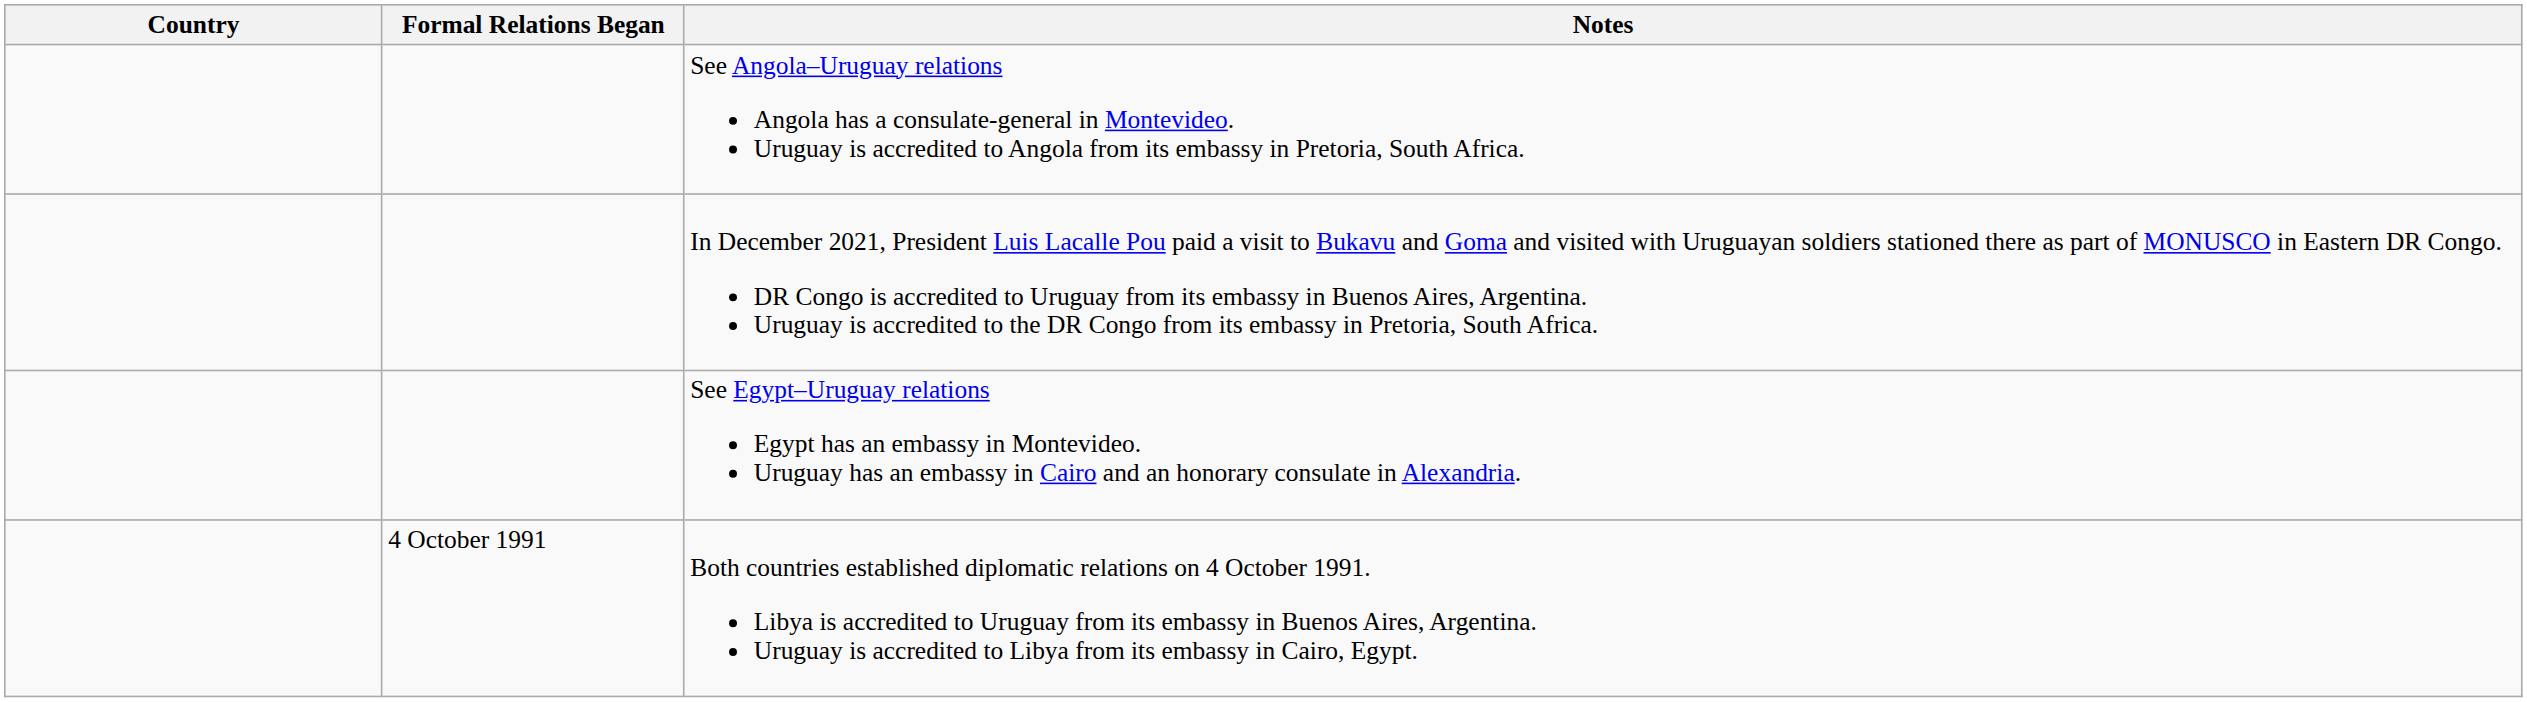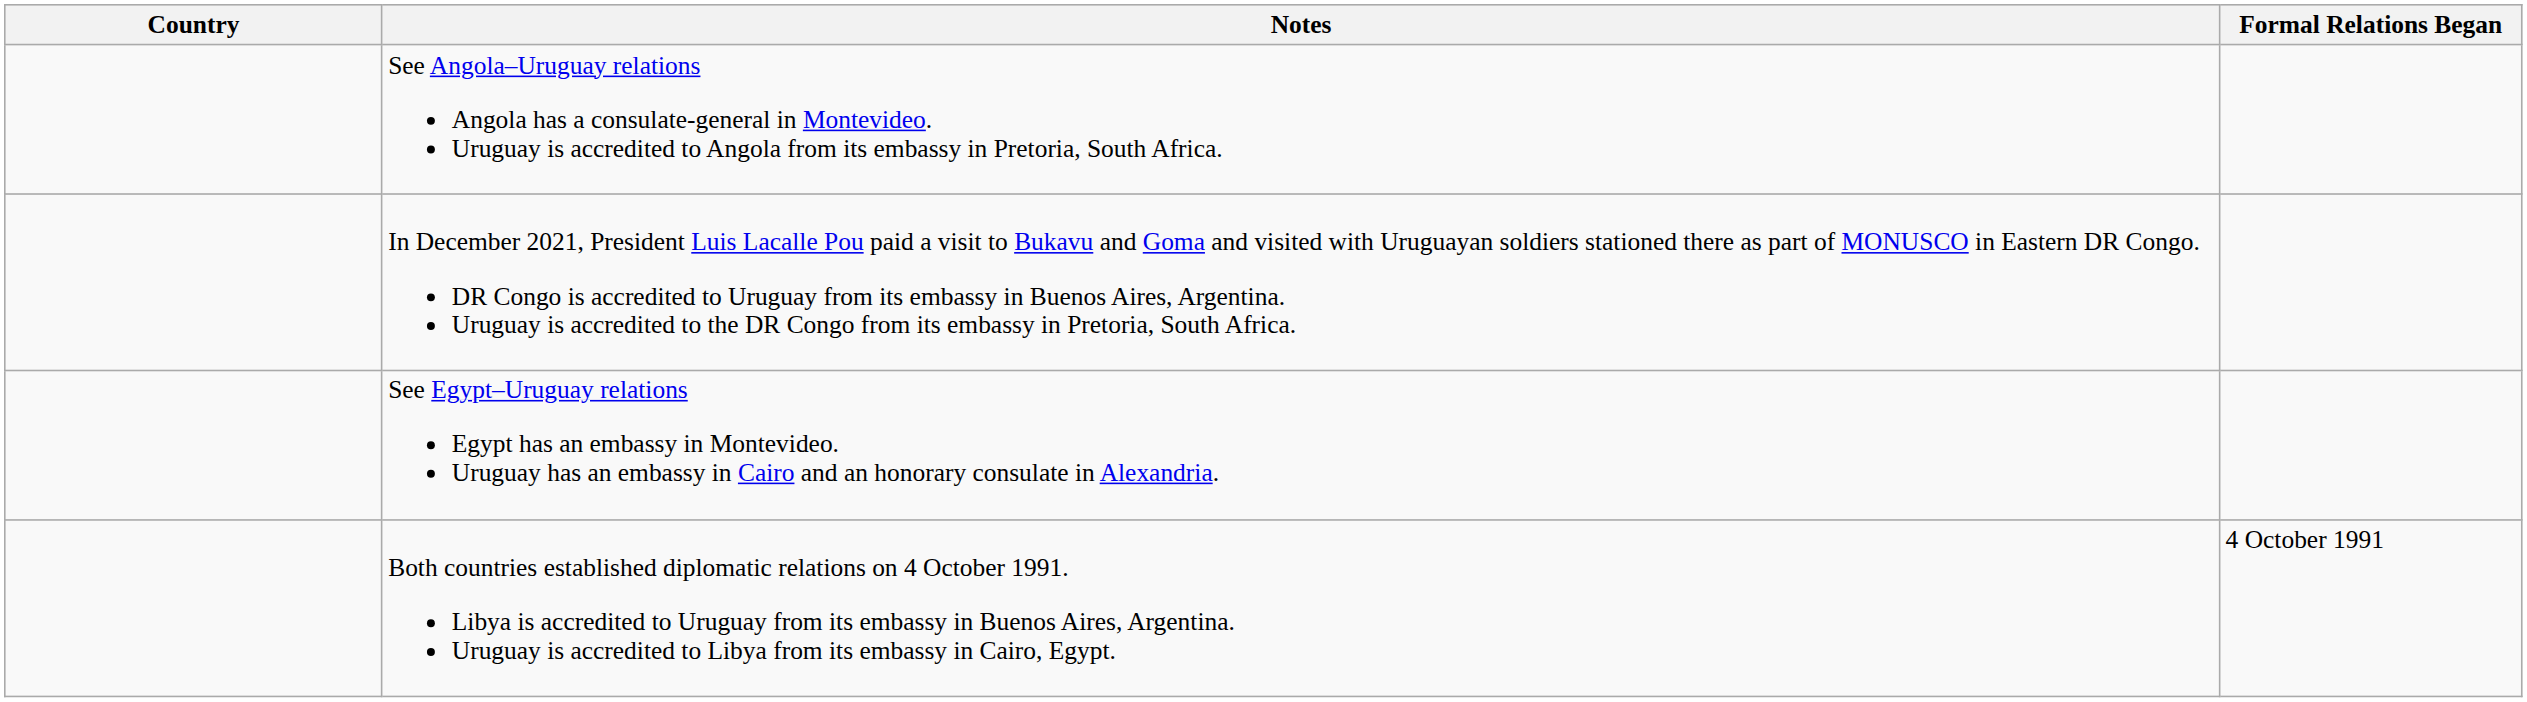 <table class="wikitable sortable" border="1" style="width:100%; margin:auto;">
 <tr>
 <th width="15%">Country</th>
+<th>Notes</th>
 <th width="12%">Formal Relations Began</th>
-<th>Notes</th>
 </tr>
 <tr - valign="top">
 <td></td>
+<td>See <a href='#'>Angola–Uruguay relations</a><br><ul><li>Angola has a consulate-general in <a href='#'>Montevideo</a>.</li><li>Uruguay is accredited to Angola from its embassy in Pretoria, South Africa.</li></ul></td>
 <td></td>
-<td>See <a href='#'>Angola–Uruguay relations</a><br><ul><li>Angola has a consulate-general in <a href='#'>Montevideo</a>.</li><li>Uruguay is accredited to Angola from its embassy in Pretoria, South Africa.</li></ul></td>
 </tr>
 <tr valign="top">
 <td></td>
+<td><br>In December 2021, President <a href='#'>Luis Lacalle Pou</a> paid a visit to <a href='#'>Bukavu</a> and <a href='#'>Goma</a> and visited with Uruguayan soldiers stationed there as part of <a href='#'>MONUSCO</a> in Eastern DR Congo.<ul><li>DR Congo is accredited to Uruguay from its embassy in Buenos Aires, Argentina.</li><li>Uruguay is accredited to the DR Congo from its embassy in Pretoria, South Africa.</li></ul></td>
 <td></td>
-<td><br>In December 2021, President <a href='#'>Luis Lacalle Pou</a> paid a visit to <a href='#'>Bukavu</a> and <a href='#'>Goma</a> and visited with Uruguayan soldiers stationed there as part of <a href='#'>MONUSCO</a> in Eastern DR Congo.<ul><li>DR Congo is accredited to Uruguay from its embassy in Buenos Aires, Argentina.</li><li>Uruguay is accredited to the DR Congo from its embassy in Pretoria, South Africa.</li></ul></td>
 </tr>
 <tr - valign="top">
 <td></td>
+<td>See <a href='#'>Egypt–Uruguay relations</a><br><ul><li>Egypt has an embassy in Montevideo.</li><li>Uruguay has an embassy in <a href='#'>Cairo</a> and an honorary consulate in <a href='#'>Alexandria</a>.</li></ul></td>
 <td></td>
-<td>See <a href='#'>Egypt–Uruguay relations</a><br><ul><li>Egypt has an embassy in Montevideo.</li><li>Uruguay has an embassy in <a href='#'>Cairo</a> and an honorary consulate in <a href='#'>Alexandria</a>.</li></ul></td>
 </tr>
 <tr - valign="top">
 <td></td>
+<td><br>Both countries established diplomatic relations on 4 October 1991.<ul><li>Libya is accredited to Uruguay from its embassy in Buenos Aires, Argentina.</li><li>Uruguay is accredited to Libya from its embassy in Cairo, Egypt.</li></ul></td>
 <td>4 October 1991</td>
-<td><br>Both countries established diplomatic relations on 4 October 1991.<ul><li>Libya is accredited to Uruguay from its embassy in Buenos Aires, Argentina.</li><li>Uruguay is accredited to Libya from its embassy in Cairo, Egypt.</li></ul></td>
 </tr>
 </table>
